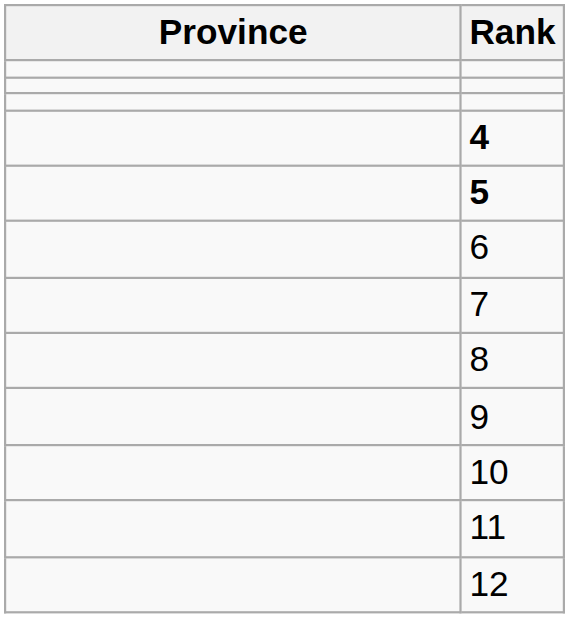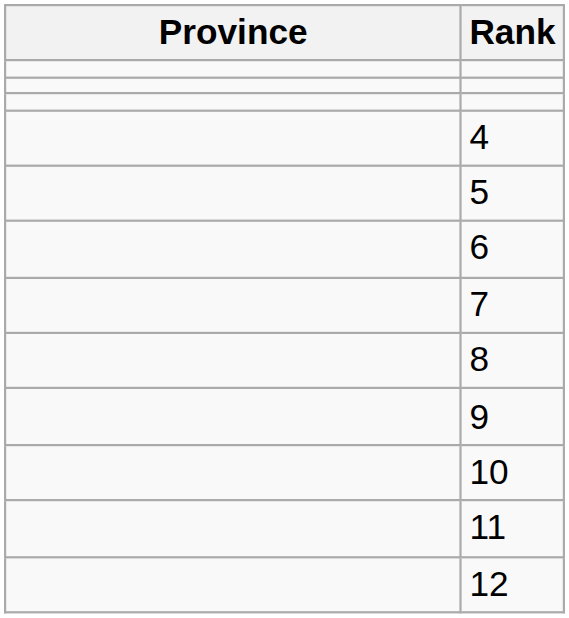 <table class="wikitable">
 <tr>
 <th width=200>Province</th>
 <th width=15>Rank</th>
 </tr>
 <tr>
 <td></td>
 <td></td>
 </tr>
 <tr>
 <td></td>
 <td></td>
 </tr>
 <tr>
 <td></td>
 <td></td>
 </tr>
 <tr>
 <td></td>
-<td><strong>4</strong></td>
+<td>4</td>
 </tr>
 <tr>
 <td></td>
-<td><strong>5</strong></td>
+<td>5</td>
 </tr>
 <tr>
 <td></td>
 <td>6</td>
 </tr>
 <tr>
 <td></td>
 <td>7</td>
 </tr>
 <tr>
 <td></td>
 <td>8</td>
 </tr>
 <tr>
 <td></td>
 <td>9</td>
 </tr>
 <tr>
 <td></td>
 <td>10</td>
 </tr>
 <tr>
 <td></td>
 <td>11</td>
 </tr>
 <tr>
 <td></td>
 <td>12</td>
 </tr>
 </table>
